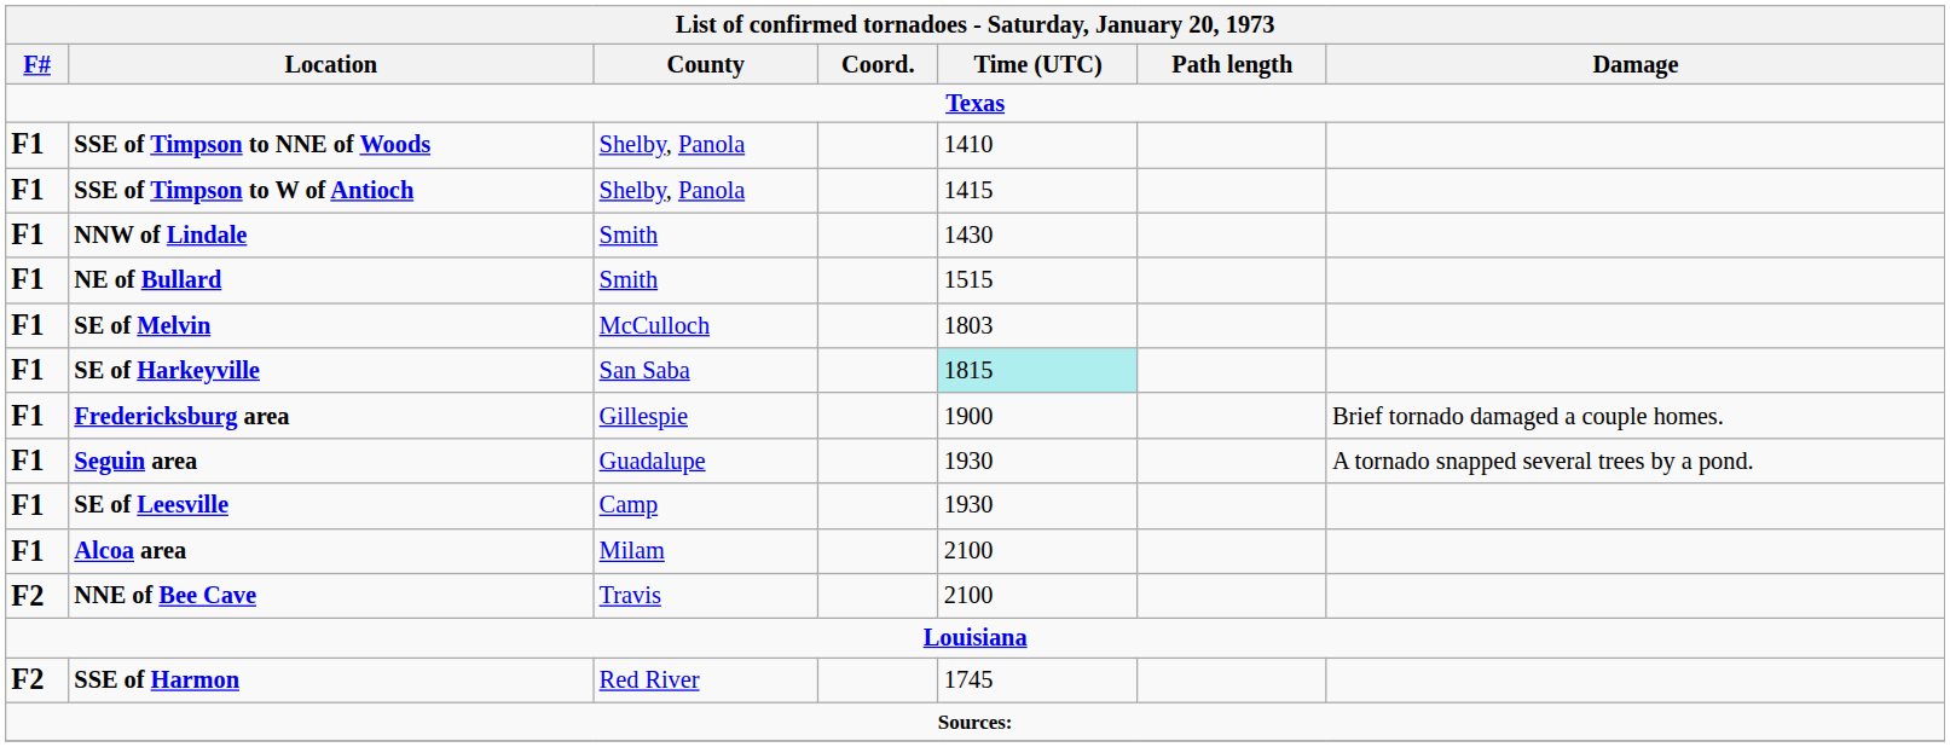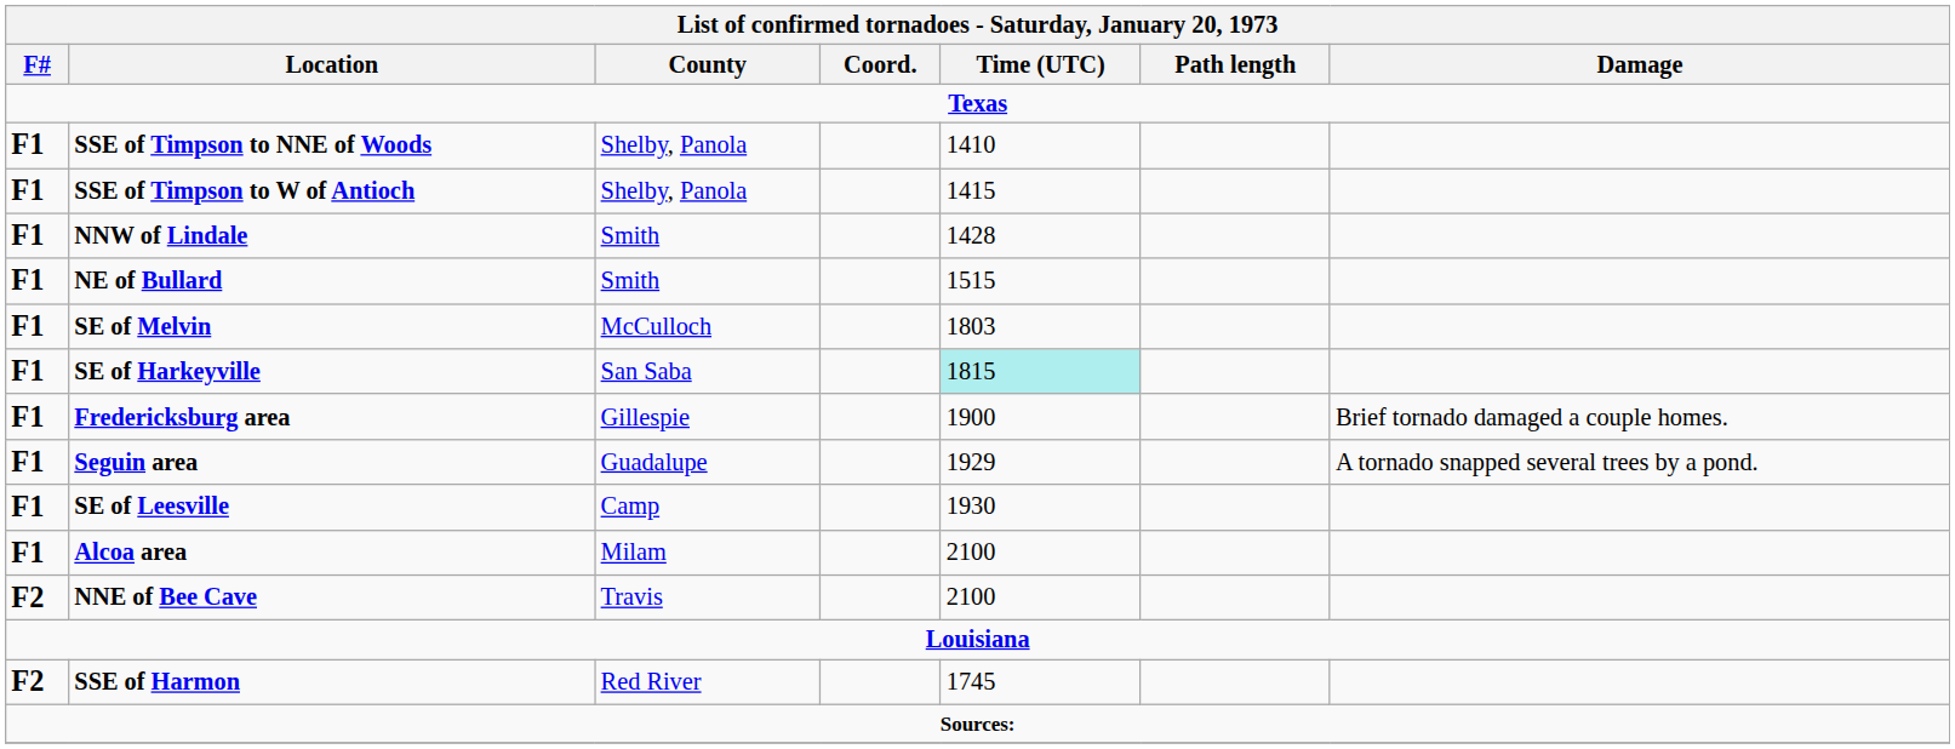 <table class="wikitable collapsible" width="100%">
 <tr>
 <th colspan="7">List of confirmed tornadoes - Saturday, January 20, 1973</th>
 </tr>
 <tr>
 <th><a href='#'>F#</a></th>
 <th>Location</th>
 <th>County</th>
 <th>Coord.</th>
 <th>Time (UTC)</th>
 <th>Path length</th>
 <th>Damage</th>
 </tr>
 <tr>
 <td colspan="7" align=center><strong><a href='#'>Texas</a></strong></td>
 </tr>
 <tr>
 <td><big><strong>F1</strong></big></td>
 <td><strong>SSE of <a href='#'>Timpson</a> to NNE of <a href='#'>Woods</a></strong></td>
 <td><a href='#'>Shelby</a>, <a href='#'>Panola</a></td>
 <td></td>
 <td>1410</td>
 <td></td>
 <td></td>
 </tr>
 <tr>
 <td><big><strong>F1</strong></big></td>
 <td><strong>SSE of <a href='#'>Timpson</a> to W of <a href='#'>Antioch</a></strong></td>
 <td><a href='#'>Shelby</a>, <a href='#'>Panola</a></td>
 <td></td>
 <td>1415</td>
 <td></td>
 <td></td>
 </tr>
 <tr>
 <td><big><strong>F1</strong></big></td>
 <td><strong>NNW of <a href='#'>Lindale</a></strong></td>
 <td><a href='#'>Smith</a></td>
 <td></td>
-<td>1430</td>
+<td>1428</td>
 <td></td>
 <td></td>
 </tr>
 <tr>
 <td><big><strong>F1</strong></big></td>
 <td><strong>NE of <a href='#'>Bullard</a></strong></td>
 <td><a href='#'>Smith</a></td>
 <td></td>
 <td>1515</td>
 <td></td>
 <td></td>
 </tr>
 <tr>
 <td><big><strong>F1</strong></big></td>
 <td><strong>SE of <a href='#'>Melvin</a></strong></td>
 <td><a href='#'>McCulloch</a></td>
 <td></td>
 <td>1803</td>
 <td></td>
 <td></td>
 </tr>
 <tr>
 <td><big><strong>F1</strong></big></td>
 <td><strong>SE of <a href='#'>Harkeyville</a></strong></td>
 <td><a href='#'>San Saba</a></td>
 <td></td>
 <td style="background: paleturquoise;">1815</td>
 <td></td>
 <td></td>
 </tr>
 <tr>
 <td><big><strong>F1</strong></big></td>
 <td><strong><a href='#'>Fredericksburg</a> area</strong></td>
 <td><a href='#'>Gillespie</a></td>
 <td></td>
 <td>1900</td>
 <td></td>
 <td>Brief tornado damaged a couple homes.</td>
 </tr>
 <tr>
 <td><big><strong>F1</strong></big></td>
 <td><strong><a href='#'>Seguin</a> area</strong></td>
 <td><a href='#'>Guadalupe</a></td>
 <td></td>
-<td>1930</td>
+<td>1929</td>
 <td></td>
 <td>A tornado snapped several trees by a pond.</td>
 </tr>
 <tr>
 <td><big><strong>F1</strong></big></td>
 <td><strong>SE of <a href='#'>Leesville</a></strong></td>
 <td><a href='#'>Camp</a></td>
 <td></td>
 <td>1930</td>
 <td></td>
 <td></td>
 </tr>
 <tr>
 <td><big><strong>F1</strong></big></td>
 <td><strong><a href='#'>Alcoa</a> area</strong></td>
 <td><a href='#'>Milam</a></td>
 <td></td>
 <td>2100</td>
 <td></td>
 <td></td>
 </tr>
 <tr>
 <td><big><strong>F2</strong></big></td>
 <td><strong>NNE of <a href='#'>Bee Cave</a></strong></td>
 <td><a href='#'>Travis</a></td>
 <td></td>
 <td>2100</td>
 <td></td>
 <td></td>
 </tr>
 <tr>
 <td colspan="7" align=center><strong><a href='#'>Louisiana</a></strong></td>
 </tr>
 <tr>
 <td><big><strong>F2</strong></big></td>
 <td><strong>SSE of <a href='#'>Harmon</a></strong></td>
 <td><a href='#'>Red River</a></td>
 <td></td>
 <td>1745</td>
 <td></td>
 <td></td>
 </tr>
 <tr>
 <td colspan="7" align=center><small><strong>Sources:</strong> </small></td>
 </tr>
 <tr>
 </tr>
 </table>
